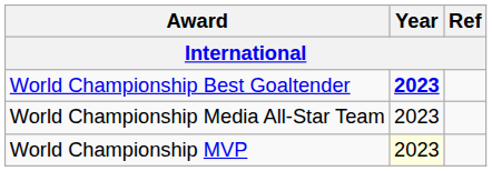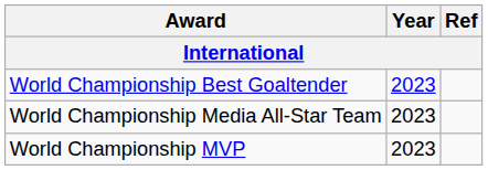 <table class="wikitable">
 <tr>
 <th>Award</th>
 <th>Year</th>
 <th>Ref</th>
 </tr>
 <tr>
 <th colspan="4"><a href='#'>International</a></th>
 </tr>
 <tr>
 <td><a href='#'>World Championship Best Goaltender</a></td>
-<td><strong><a href='#'>2023</a></strong></td>
+<td><a href='#'>2023</a></td>
 <td></td>
 </tr>
 <tr>
 <td>World Championship Media All-Star Team</td>
 <td>2023</td>
 <td></td>
 </tr>
 <tr>
 <td>World Championship <a href='#'>MVP</a></td>
-<td style="background: lightyellow;">2023</td>
+<td>2023</td>
 <td></td>
 </tr>
 </table>
